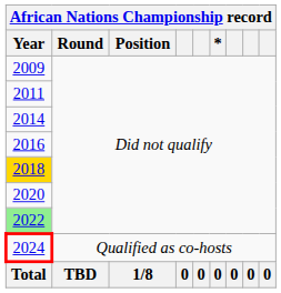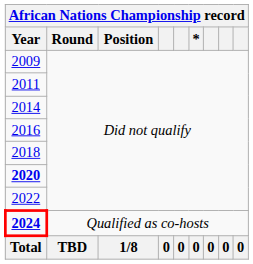 <table class="wikitable" style="text-align: center;">
 <tr>
 <th colspan=9><a href='#'>African Nations Championship</a> record</th>
 </tr>
 <tr>
 <th>Year</th>
 <th>Round</th>
 <th>Position</th>
 <th></th>
 <th></th>
 <th>*</th>
 <th></th>
 <th></th>
 <th></th>
 </tr>
 <tr>
 <td> <a href='#'>2009</a></td>
 <td colspan=8 rowspan=7><em>Did not qualify</em></td>
 </tr>
 <tr>
 <td> <a href='#'>2011</a></td>
 </tr>
 <tr>
 <td> <a href='#'>2014</a></td>
 </tr>
 <tr>
 <td> <a href='#'>2016</a></td>
 </tr>
 <tr>
-<td style="background: gold;"> <a href='#'>2018</a></td>
+<td> <a href='#'>2018</a></td>
 </tr>
 <tr>
-<td> <a href='#'>2020</a></td>
+<td><strong> <a href='#'>2020</a></strong></td>
 </tr>
 <tr>
-<td style="background: lightgreen;"> <a href='#'>2022</a></td>
+<td> <a href='#'>2022</a></td>
 </tr>
 <tr>
-<td style="border: 3px solid red"> <a href='#'>2024</a></td>
+<td style="border: 3px solid red"><strong> <a href='#'>2024</a></strong></td>
 <td colspan=8><em>Qualified as co-hosts</em></td>
 </tr>
 <tr>
 <th>Total</th>
 <th>TBD</th>
 <th>1/8</th>
 <th>0</th>
 <th>0</th>
 <th>0</th>
 <th>0</th>
 <th>0</th>
 <th>0</th>
 </tr>
 </table>
